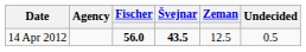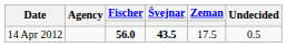 <table class="wikitable" style=text-align:center;font-size:85%;line-height:14px;">
 <tr>
 <th rowspan=2>Date</th>
 <th rowspan=2>Agency</th>
 <th><a href='#'>Fischer</a></th>
 <th><a href='#'>Švejnar</a></th>
 <th><a href='#'>Zeman</a></th>
 <th rowspan=2>Undecided</th>
 </tr>
 <tr>
 <th style="background:"></th>
 <th style="background:"></th>
 <th style="background:"></th>
 </tr>
 <tr>
 <td>14 Apr 2012</td>
 <td></td>
 <td><strong>56.0</strong></td>
 <td><strong>43.5</strong></td>
-<td>12.5</td>
+<td>17.5</td>
 <td>0.5</td>
 </tr>
 </table>
